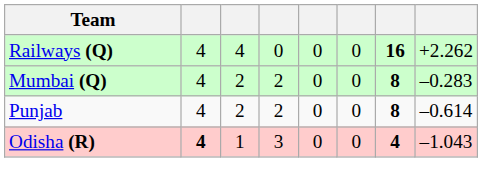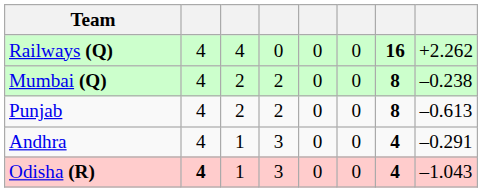 <table class="wikitable" style="text-align:center">
 <tr>
 <th style="width:140px;">Team</th>
 <th style="width:25px;"></th>
 <th style="width:25px;"></th>
 <th style="width:25px;"></th>
 <th style="width:25px;"></th>
 <th style="width:25px;"></th>
 <th style="width:25px;"></th>
 <th style="width:40px;"></th>
 </tr>
 <tr style="background:#cfc;">
 <td style="text-align:left"><a href='#'>Railways</a> <strong>(Q)</strong></td>
 <td>4</td>
 <td>4</td>
 <td>0</td>
 <td>0</td>
 <td>0</td>
 <td><strong>16</strong></td>
 <td>+2.262</td>
 </tr>
 <tr style="background:#cfc;">
 <td style="text-align:left"><a href='#'>Mumbai</a> <strong>(Q)</strong></td>
 <td>4</td>
 <td>2</td>
 <td>2</td>
 <td>0</td>
 <td>0</td>
 <td><strong>8</strong></td>
-<td>–0.283</td>
+<td>–0.238</td>
 </tr>
 <tr>
 <td style="text-align:left"><a href='#'>Punjab</a></td>
 <td>4</td>
 <td>2</td>
 <td>2</td>
 <td>0</td>
 <td>0</td>
 <td><strong>8</strong></td>
-<td>–0.614</td>
+<td>–0.613</td>
+</tr>
+<tr>
+<td style="text-align:left"><a href='#'>Andhra</a></td>
+<td>4</td>
+<td>1</td>
+<td>3</td>
+<td>0</td>
+<td>0</td>
+<td><strong>4</strong></td>
+<td>–0.291</td>
 </tr>
 <tr style="background:#FFCCCC">
 <td style="text-align:left"><a href='#'>Odisha</a> <strong>(R)</strong></td>
 <td><strong>4</strong></td>
 <td>1</td>
 <td>3</td>
 <td>0</td>
 <td>0</td>
 <td><strong>4</strong></td>
 <td>–1.043</td>
 </tr>
 </table>
